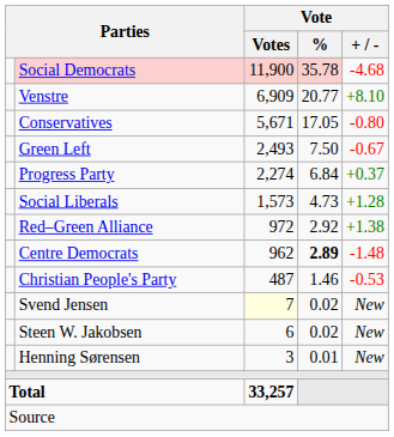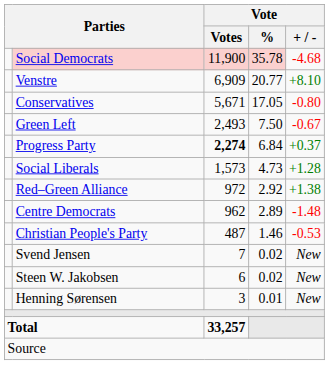 <table class="wikitable" style="text-align:right;">
 <tr>
 <th style="text-align:centre;" rowspan="2" colspan="2" width="225">Parties</th>
 <th colspan="3">Vote</th>
 </tr>
 <tr>
 <th width="15">Votes</th>
 <th width="15">%</th>
 <th width="15">+ / -</th>
 </tr>
 <tr>
 <td width="2" style="color:inherit;background:"></td>
 <td bgcolor=#fbd0ce  align="left"><a href='#'>Social Democrats</a></td>
 <td bgcolor=#fbd0ce>11,900</td>
 <td bgcolor=#fbd0ce>35.78</td>
 <td style=color:red;>-4.68</td>
 </tr>
 <tr>
 <td width="2" style="color:inherit;background:"></td>
 <td align="left"><a href='#'>Venstre</a></td>
 <td>6,909</td>
 <td>20.77</td>
 <td style=color:green;>+8.10</td>
 </tr>
 <tr>
 <td width="2" style="color:inherit;background:"></td>
 <td align="left"><a href='#'>Conservatives</a></td>
 <td>5,671</td>
 <td>17.05</td>
 <td style=color:red;>-0.80</td>
 </tr>
 <tr>
 <td width="2" style="color:inherit;background:"></td>
 <td align="left"><a href='#'>Green Left</a></td>
 <td>2,493</td>
 <td>7.50</td>
 <td style=color:red;>-0.67</td>
 </tr>
 <tr>
 <td width="2" style="color:inherit;background:"></td>
 <td align="left"><a href='#'>Progress Party</a></td>
-<td>2,274</td>
+<td><strong>2,274</strong></td>
 <td>6.84</td>
 <td style=color:green;>+0.37</td>
 </tr>
 <tr>
 <td width="2" style="color:inherit;background:"></td>
 <td align="left"><a href='#'>Social Liberals</a></td>
 <td>1,573</td>
 <td>4.73</td>
 <td style=color:green;>+1.28</td>
 </tr>
 <tr>
 <td width="2" style="color:inherit;background:"></td>
 <td align="left"><a href='#'>Red–Green Alliance</a></td>
 <td>972</td>
 <td>2.92</td>
 <td style=color:green;>+1.38</td>
 </tr>
 <tr>
 <td width="2" style="color:inherit;background:"></td>
 <td align="left"><a href='#'>Centre Democrats</a></td>
 <td>962</td>
-<td><strong>2.89</strong></td>
+<td>2.89</td>
 <td style=color:red;>-1.48</td>
 </tr>
 <tr>
 <td width="2" style="color:inherit;background:"></td>
 <td align="left"><a href='#'>Christian People's Party</a></td>
 <td>487</td>
 <td>1.46</td>
 <td style=color:red;>-0.53</td>
 </tr>
 <tr>
 <td width="2" style="color:inherit;background:"></td>
 <td align="left">Svend Jensen</td>
-<td style="background: lightyellow;">7</td>
+<td>7</td>
 <td>0.02</td>
 <td><em>New</em></td>
 </tr>
 <tr>
 <td width="2" style="color:inherit;background:"></td>
 <td align="left">Steen W. Jakobsen</td>
 <td>6</td>
 <td>0.02</td>
 <td><em>New</em></td>
 </tr>
 <tr>
 <td width="2" style="color:inherit;background:"></td>
 <td align="left">Henning Sørensen</td>
 <td>3</td>
 <td>0.01</td>
 <td><em>New</em></td>
 </tr>
 <tr>
 <td colspan="7" bgcolor="#E9E9E9"></td>
 </tr>
 <tr>
 <td align="left" colspan="2"><strong>Total</strong></td>
 <td><strong>33,257</strong></td>
 <td bgcolor="#E9E9E9" colspan="2"></td>
 </tr>
 <tr>
 <td align="left" colspan="6">Source</td>
 </tr>
 </table>
